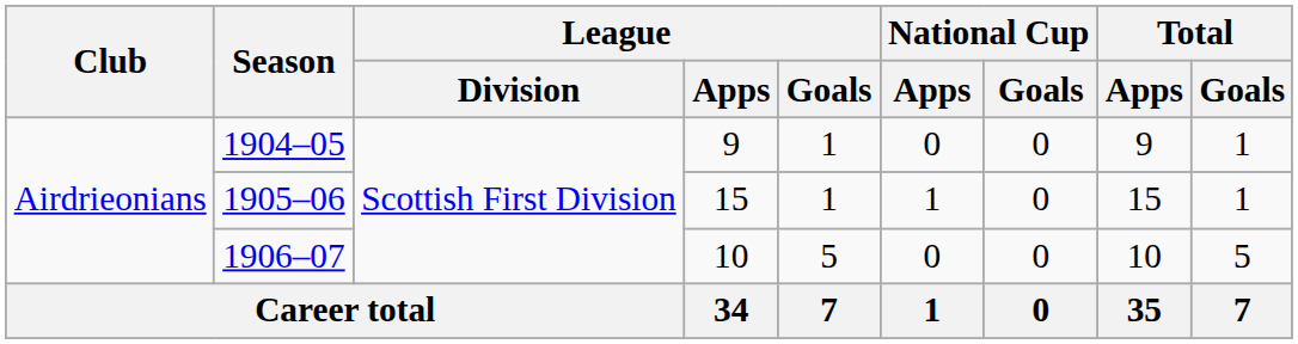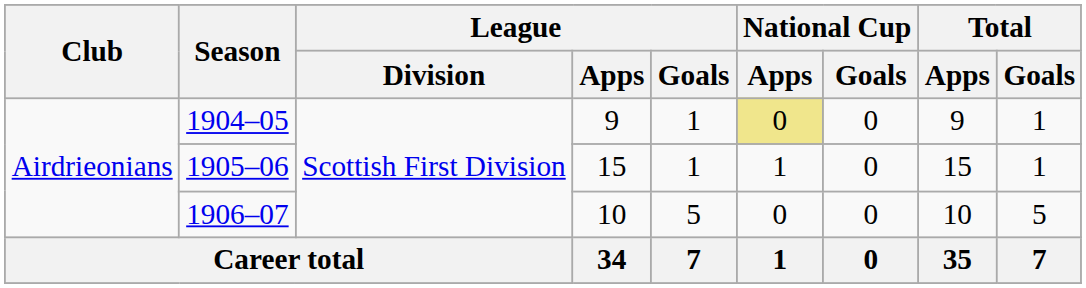 <table class="wikitable" style="text-align: center">
 <tr>
 <th rowspan="2">Club</th>
 <th rowspan="2">Season</th>
 <th colspan="3">League</th>
 <th colspan="2">National Cup</th>
 <th colspan="2">Total</th>
 </tr>
 <tr>
 <th>Division</th>
 <th>Apps</th>
 <th>Goals</th>
 <th>Apps</th>
 <th>Goals</th>
 <th>Apps</th>
 <th>Goals</th>
 </tr>
 <tr>
 <td rowspan="3"><a href='#'>Airdrieonians</a></td>
 <td><a href='#'>1904–05</a></td>
 <td rowspan="3"><a href='#'>Scottish First Division</a></td>
 <td>9</td>
 <td>1</td>
-<td>0</td>
+<td style="background: khaki;">0</td>
 <td>0</td>
 <td>9</td>
 <td>1</td>
 </tr>
 <tr>
 <td><a href='#'>1905–06</a></td>
 <td>15</td>
 <td>1</td>
 <td>1</td>
 <td>0</td>
 <td>15</td>
 <td>1</td>
 </tr>
 <tr>
 <td><a href='#'>1906–07</a></td>
 <td>10</td>
 <td>5</td>
 <td>0</td>
 <td>0</td>
 <td>10</td>
 <td>5</td>
 </tr>
 <tr>
 <th colspan="3">Career total</th>
 <th>34</th>
 <th>7</th>
 <th>1</th>
 <th>0</th>
 <th>35</th>
 <th>7</th>
 </tr>
 </table>
